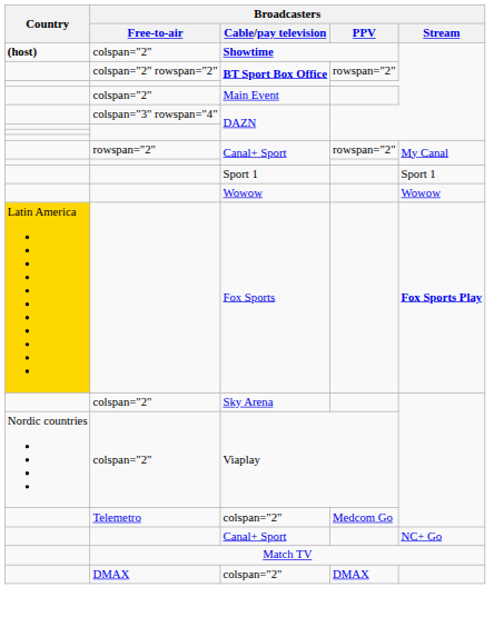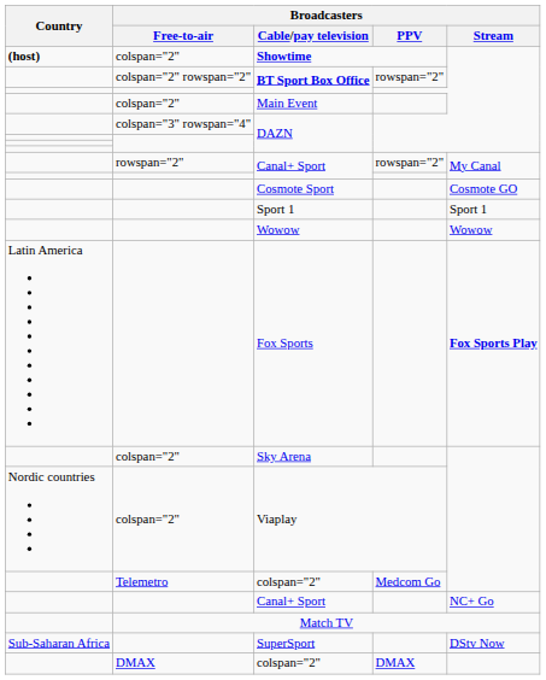 <table class="wikitable">
 <tr>
 <th rowspan="2" style="text-align:center;">Country</th>
 <th colspan="4" style="text-align:center;">Broadcasters</th>
 </tr>
 <tr>
 <th align="center"><a href='#'>Free-to-air</a></th>
 <th align="center"><a href='#'>Cable</a>/<a href='#'>pay television</a></th>
 <th align="center"><a href='#'>PPV</a></th>
 <th align="center"><a href='#'>Stream</a></th>
 </tr>
 <tr>
 <td><strong> (host)</strong></td>
 <td>colspan="2" </td>
 <td colspan="2"><a href='#'><strong>Showtime</strong></a></td>
 </tr>
 <tr>
 <td><strong></strong></td>
 <td>colspan="2" rowspan="2" </td>
 <td rowspan="2"><strong><a href='#'>BT Sport Box Office</a></strong></td>
 <td>rowspan="2" </td>
 </tr>
 <tr>
 <td></td>
 </tr>
 <tr>
 <td></td>
 <td>colspan="2" </td>
 <td><a href='#'>Main Event</a></td>
 <td></td>
 </tr>
 <tr>
 <td></td>
 <td>colspan="3" rowspan="4" </td>
 <td rowspan="4"><a href='#'>DAZN</a></td>
 </tr>
 <tr>
 <td></td>
 </tr>
 <tr>
 <td></td>
 </tr>
 <tr>
 <td></td>
 </tr>
 <tr>
 <td></td>
 <td>rowspan="2" </td>
 <td rowspan="2"><a href='#'>Canal+ Sport</a></td>
 <td>rowspan="2" </td>
 <td rowspan="2"><a href='#'>My Canal</a></td>
 </tr>
 <tr>
 <td></td>
 </tr>
 <tr>
 <td></td>
 <td></td>
+<td><a href='#'>Cosmote Sport</a></td>
+<td></td>
+<td><a href='#'>Cosmote GO</a></td>
+</tr>
+<tr>
+<td></td>
+<td></td>
 <td>Sport 1</td>
 <td></td>
 <td>Sport 1</td>
 </tr>
 <tr>
 <td></td>
 <td></td>
 <td><a href='#'>Wowow</a></td>
 <td></td>
 <td><a href='#'>Wowow</a></td>
 </tr>
 <tr>
-<td style="background: gold;">Latin America<br><ul><li></li><li></li><li></li><li></li><li></li><li></li><li></li><li></li><li></li><li></li><li></li></ul></td>
+<td>Latin America<br><ul><li></li><li></li><li></li><li></li><li></li><li></li><li></li><li></li><li></li><li></li><li></li></ul></td>
 <td></td>
 <td><a href='#'>Fox Sports</a></td>
 <td></td>
 <td><strong><a href='#'>Fox Sports Play</a></strong></td>
 </tr>
 <tr>
 <td></td>
 <td>colspan="2" </td>
 <td><a href='#'>Sky Arena</a></td>
 <td></td>
 </tr>
 <tr>
 <td>Nordic countries<br><ul><li></li><li></li><li></li><li></li></ul></td>
 <td>colspan="2" </td>
 <td colspan="2">Viaplay</td>
 </tr>
 <tr>
 <td></td>
 <td><a href='#'>Telemetro</a></td>
 <td>colspan="2" </td>
 <td colspan="1"><a href='#'>Medcom Go</a></td>
 </tr>
 <tr>
 <td></td>
 <td></td>
 <td><a href='#'>Canal+ Sport</a></td>
 <td></td>
 <td><a href='#'>NC+ Go</a></td>
 </tr>
 <tr>
 <td></td>
 <td colspan="4" align="center"><a href='#'>Match TV</a></td>
 </tr>
 <tr>
+<td><a href='#'>Sub-Saharan Africa</a></td>
+<td></td>
+<td><a href='#'>SuperSport</a></td>
+<td></td>
+<td><a href='#'>DStv Now</a></td>
+</tr>
+<tr>
 <td></td>
 <td><a href='#'>DMAX</a></td>
 <td>colspan="2" </td>
 <td><a href='#'>DMAX</a></td>
 </tr>
 </table>
